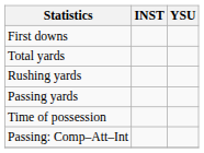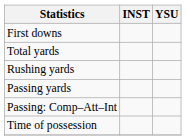 <table class="wikitable" style="float: left;">
 <tr>
 <th>Statistics</th>
 <th>INST</th>
 <th>YSU</th>
 </tr>
 <tr>
 <td>First downs</td>
 <td></td>
 <td></td>
 </tr>
 <tr>
 <td>Total yards</td>
 <td></td>
 <td></td>
 </tr>
 <tr>
 <td>Rushing yards</td>
 <td></td>
 <td></td>
 </tr>
 <tr>
 <td>Passing yards</td>
 <td></td>
 <td></td>
 </tr>
 <tr>
-<td>Time of possession</td>
+<td>Passing: Comp–Att–Int</td>
 <td></td>
 <td></td>
 </tr>
 <tr>
-<td>Passing: Comp–Att–Int</td>
+<td>Time of possession</td>
 <td></td>
 <td></td>
 </tr>
 <tr>
 </tr>
 </table>
